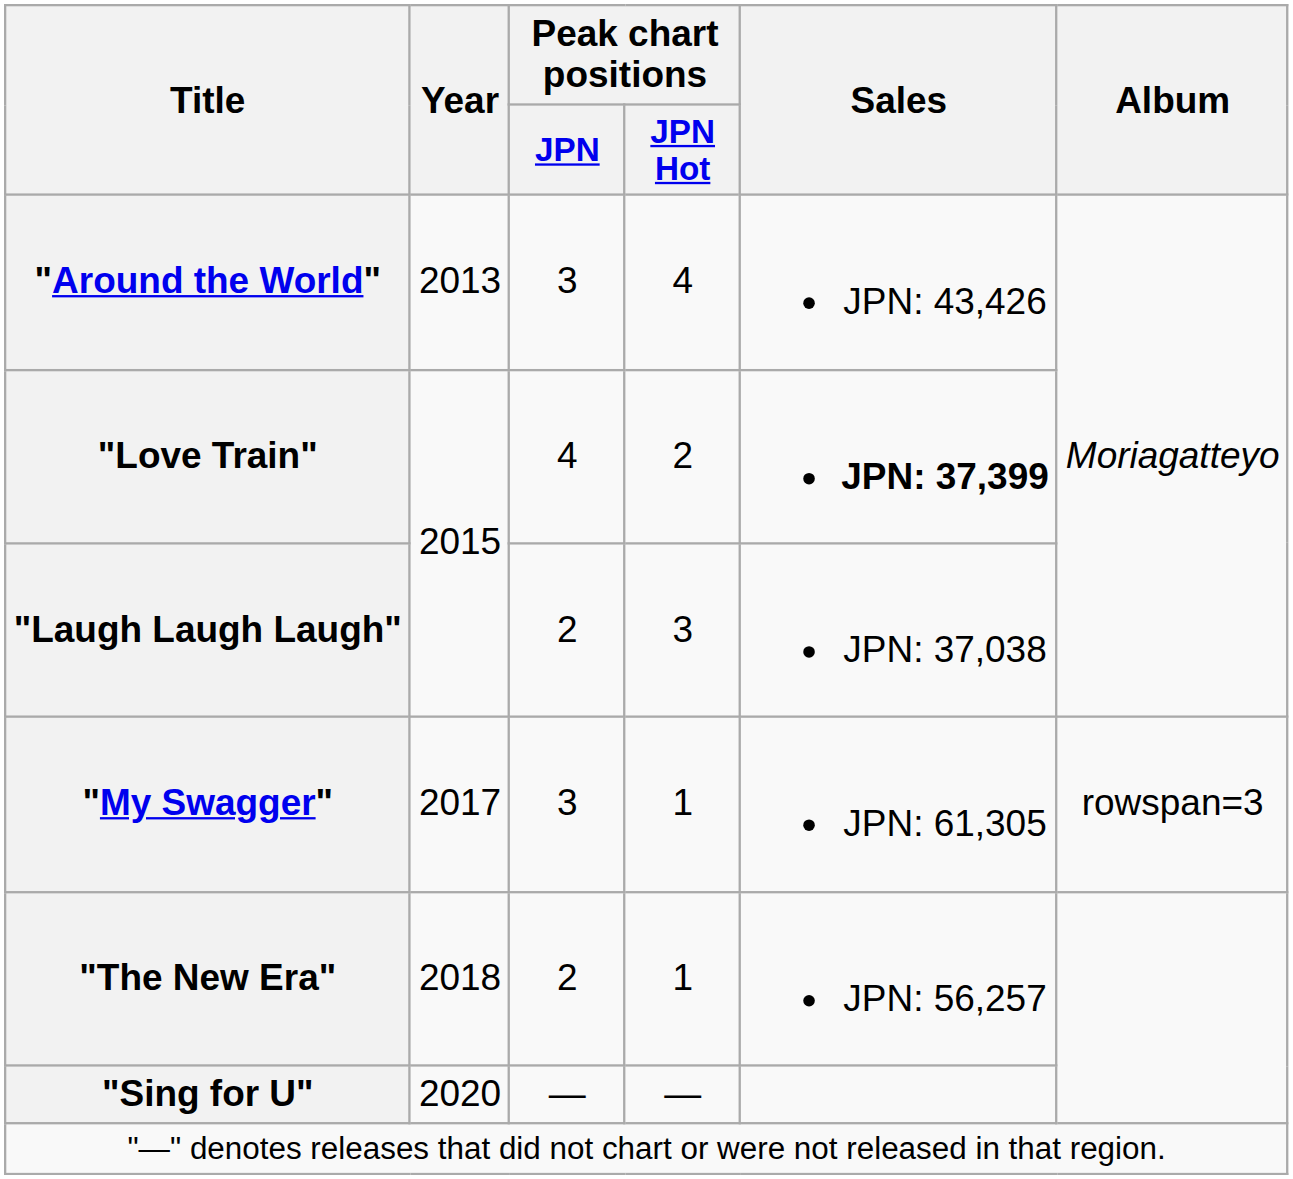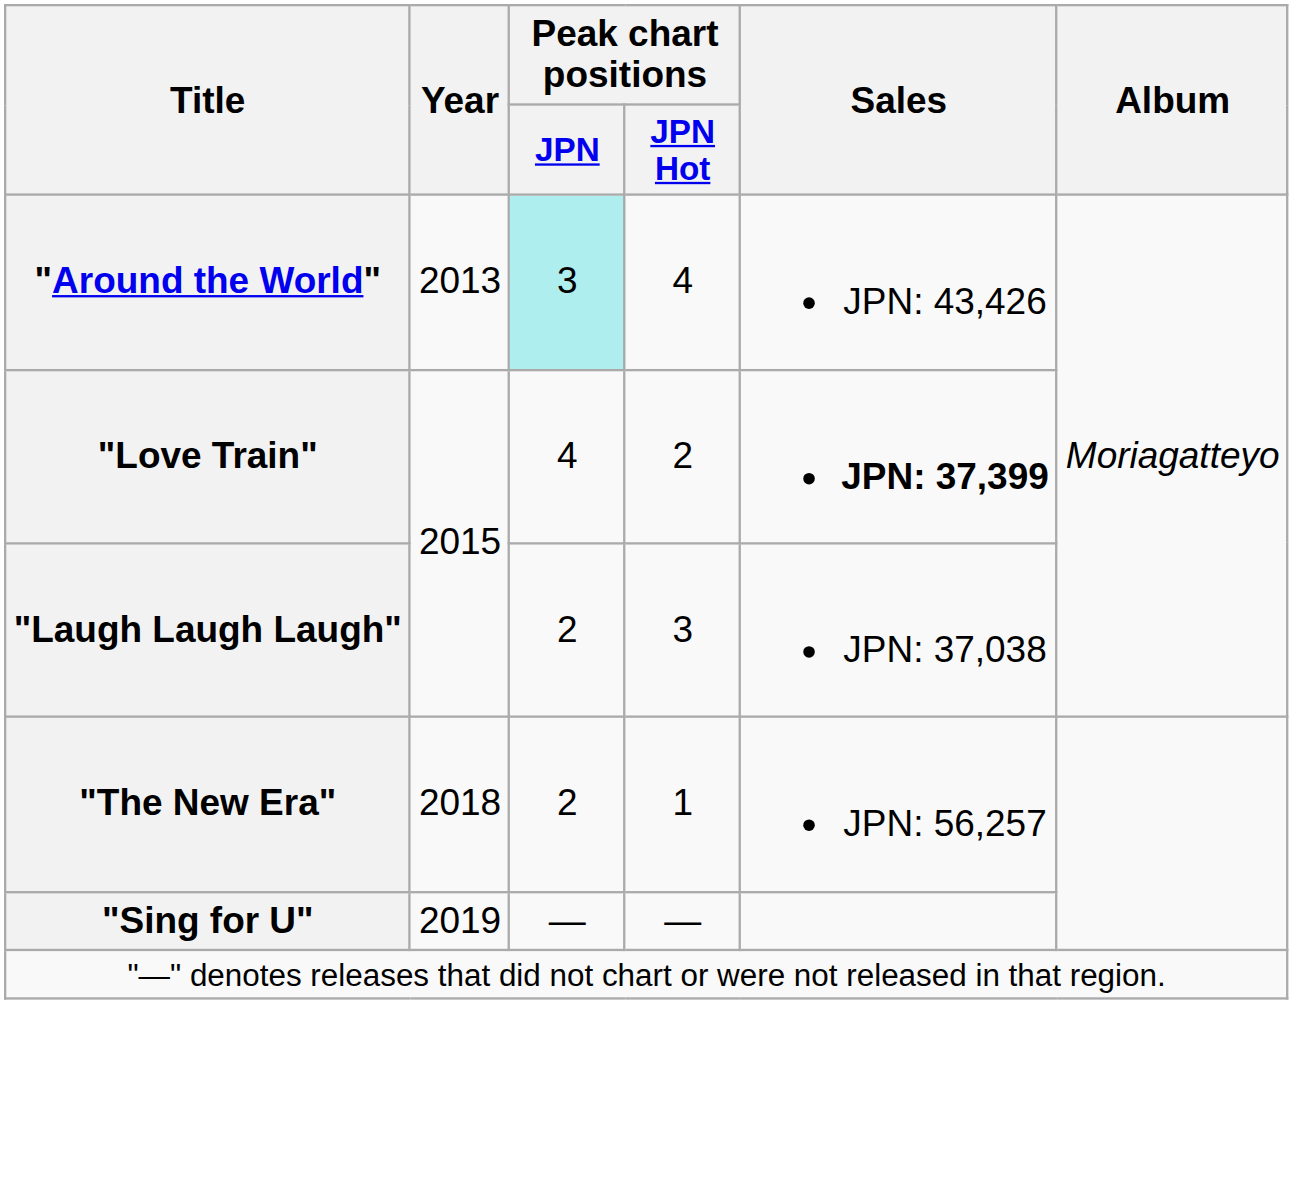 <table class="wikitable plainrowheaders" style="text-align:center">
 <tr>
 <th scope="col" rowspan="2">Title</th>
 <th scope="col" rowspan="2">Year</th>
 <th scope="col" colspan="2">Peak chart positions</th>
 <th scope="col" rowspan="2">Sales</th>
 <th scope="col" rowspan="2">Album</th>
 </tr>
 <tr>
 <th scope="col" style="width:3em;font-size:90%"><a href='#'>JPN</a><br></th>
 <th scope="col" style="width:3em;font-size:90%"><a href='#'>JPN<br>Hot</a><br></th>
 </tr>
 <tr>
 <th scope="row">"<a href='#'>Around the World</a>"</th>
 <td>2013</td>
-<td>3</td>
+<td style="background: paleturquoise;">3</td>
 <td>4</td>
 <td><br><ul><li>JPN: 43,426</li></ul></td>
 <td rowspan="3"><em>Moriagatteyo</em></td>
 </tr>
 <tr>
 <th scope="row">"Love Train"</th>
 <td rowspan="2">2015</td>
 <td>4</td>
 <td>2</td>
 <td><strong><br><ul><li>JPN: 37,399</li></ul></strong></td>
 </tr>
 <tr>
 <th scope="row">"Laugh Laugh Laugh"</th>
 <td>2</td>
 <td>3</td>
 <td><br><ul><li>JPN: 37,038</li></ul></td>
 </tr>
 <tr>
-<th scope="row">"<a href='#'>My Swagger</a>"</th>
-<td>2017</td>
-<td>3</td>
-<td>1</td>
-<td><br><ul><li>JPN: 61,305</li></ul></td>
-<td>rowspan=3 </td>
-</tr>
-<tr>
 <th scope="row">"The New Era"</th>
 <td>2018</td>
 <td>2</td>
 <td>1</td>
 <td><br><ul><li>JPN: 56,257</li></ul></td>
 </tr>
 <tr>
 <th scope="row">"Sing for U"</th>
-<td>2020</td>
+<td>2019</td>
 <td>—</td>
 <td>—</td>
 <td></td>
 </tr>
 <tr>
 <td colspan="6" style="font-size:85%">"—" denotes releases that did not chart or were not released in that region.</td>
 </tr>
 </table>
